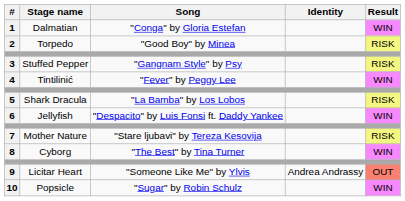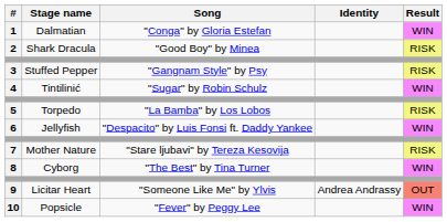 <table class="wikitable plainrowheaders" style="text-align: center;">
 <tr>
 <th>#</th>
 <th>Stage name</th>
 <th>Song</th>
 <th>Identity</th>
 <th>Result</th>
 </tr>
 <tr>
 <th>1</th>
 <td>Dalmatian</td>
 <td>"<a href='#'>Conga</a>" by <a href='#'>Gloria Estefan</a></td>
 <td></td>
 <td bgcolor="F888FD">WIN</td>
 </tr>
 <tr>
 <th>2</th>
-<td>Torpedo</td>
+<td>Shark Dracula</td>
 <td>"Good Boy" by <a href='#'>Minea</a></td>
 <td></td>
 <td bgcolor="F3F781">RISK</td>
 </tr>
 <tr>
 <th colspan="5" style="background:darkgrey"></th>
 </tr>
 <tr>
 <th>3</th>
 <td>Stuffed Pepper</td>
 <td>"<a href='#'>Gangnam Style</a>" by <a href='#'>Psy</a></td>
 <td></td>
 <td bgcolor="F3F781">RISK</td>
 </tr>
 <tr>
 <th>4</th>
 <td>Tintilinić</td>
-<td>"<a href='#'>Fever</a>" by <a href='#'>Peggy Lee</a></td>
+<td>"<a href='#'>Sugar</a>" by <a href='#'>Robin Schulz</a></td>
 <td></td>
 <td bgcolor="F888FD">WIN</td>
 </tr>
 <tr>
 <th colspan="5" style="background:darkgrey"></th>
 </tr>
 <tr>
 <th>5</th>
-<td>Shark Dracula</td>
+<td>Torpedo</td>
 <td>"<a href='#'>La Bamba</a>" by <a href='#'>Los Lobos</a></td>
 <td></td>
 <td bgcolor="F3F781">RISK</td>
 </tr>
 <tr>
 <th>6</th>
 <td>Jellyfish</td>
 <td>"<a href='#'>Despacito</a>" by <a href='#'>Luis Fonsi</a> ft. <a href='#'>Daddy Yankee</a></td>
 <td></td>
 <td bgcolor="F888FD">WIN</td>
 </tr>
 <tr>
 <th colspan="5" style="background:darkgrey"></th>
 </tr>
 <tr>
 <th>7</th>
 <td>Mother Nature</td>
 <td>"Stare ljubavi" by <a href='#'>Tereza Kesovija</a></td>
 <td></td>
 <td bgcolor="F3F781">RISK</td>
 </tr>
 <tr>
 <th>8</th>
 <td>Cyborg</td>
 <td>"<a href='#'>The Best</a>" by <a href='#'>Tina Turner</a></td>
 <td></td>
 <td bgcolor="F888FD">WIN</td>
 </tr>
 <tr>
 <th colspan="5" style="background:darkgrey"></th>
 </tr>
 <tr>
 <th>9</th>
 <td>Licitar Heart</td>
 <td>"Someone Like Me" by <a href='#'>Ylvis</a></td>
 <td>Andrea Andrassy</td>
 <td bgcolor="salmon">OUT</td>
 </tr>
 <tr>
 <th>10</th>
 <td>Popsicle</td>
-<td>"<a href='#'>Sugar</a>" by <a href='#'>Robin Schulz</a></td>
+<td>"<a href='#'>Fever</a>" by <a href='#'>Peggy Lee</a></td>
 <td></td>
 <td bgcolor="F888FD">WIN</td>
 </tr>
 </table>
